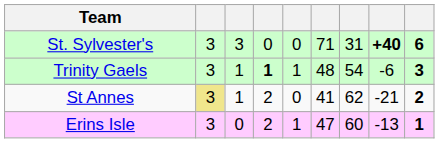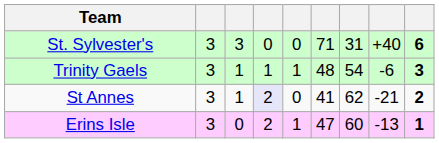 <table class="wikitable" style="text-align:center">
 <tr>
 <th style="width:175px;">Team</th>
 <th width="20"></th>
 <th width="20"></th>
 <th width="20"></th>
 <th width="20"></th>
 <th width="20"></th>
 <th width="20"></th>
 <th width="20"></th>
 <th width="20"></th>
 </tr>
 <tr style="background:#cfc;">
 <td><a href='#'>St. Sylvester's</a></td>
 <td>3</td>
 <td>3</td>
 <td>0</td>
 <td>0</td>
 <td>71</td>
 <td>31</td>
-<td><strong>+40</strong></td>
+<td>+40</td>
 <td><strong>6</strong></td>
 </tr>
 <tr style="background:#cfc;">
 <td><a href='#'>Trinity Gaels</a></td>
 <td>3</td>
 <td>1</td>
-<td><strong>1</strong></td>
+<td>1</td>
 <td>1</td>
 <td>48</td>
 <td>54</td>
 <td>-6</td>
 <td><strong>3</strong></td>
 </tr>
 <tr>
 <td><a href='#'>St Annes</a></td>
-<td style="background: khaki;">3</td>
+<td>3</td>
 <td>1</td>
-<td>2</td>
+<td style="background: lavender;">2</td>
 <td>0</td>
 <td>41</td>
 <td>62</td>
 <td>-21</td>
 <td><strong>2</strong></td>
 </tr>
 <tr style="background:#fcf;">
 <td><a href='#'>Erins Isle</a></td>
 <td>3</td>
 <td>0</td>
 <td>2</td>
 <td>1</td>
 <td>47</td>
 <td>60</td>
 <td>-13</td>
 <td><strong>1</strong></td>
 </tr>
 </table>
